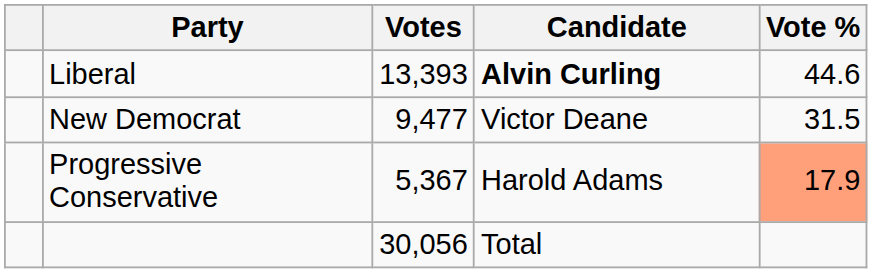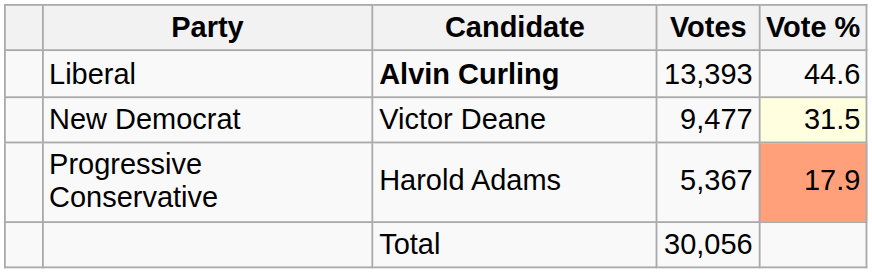 <table class="wikitable">
 <tr>
 <th></th>
 <th scope="col" width="175">Party</th>
+<th scope="col" width="150">Candidate</th>
 <th>Votes</th>
-<th scope="col" width="150">Candidate</th>
 <th>Vote %</th>
 </tr>
 <tr>
 <td>   </td>
 <td>Liberal</td>
+<td><strong>Alvin Curling</strong></td>
 <td align=right>13,393</td>
-<td><strong>Alvin Curling</strong></td>
 <td align=right>44.6</td>
 </tr>
 <tr>
 <td>   </td>
 <td>New Democrat</td>
+<td>Victor Deane</td>
 <td align=right>9,477</td>
-<td>Victor Deane</td>
-<td align=right>31.5</td>
+<td align=right style="background: lightyellow;">31.5</td>
 </tr>
 <tr>
 <td>   </td>
 <td>Progressive Conservative</td>
+<td>Harold Adams</td>
 <td align=right>5,367</td>
-<td>Harold Adams</td>
 <td align=right style="background: lightsalmon;">17.9<br> </td>
 </tr>
 <tr |>
 <td></td>
 <td></td>
+<td>Total</td>
 <td align=right>30,056</td>
-<td>Total</td>
 <td></td>
 </tr>
 </table>
